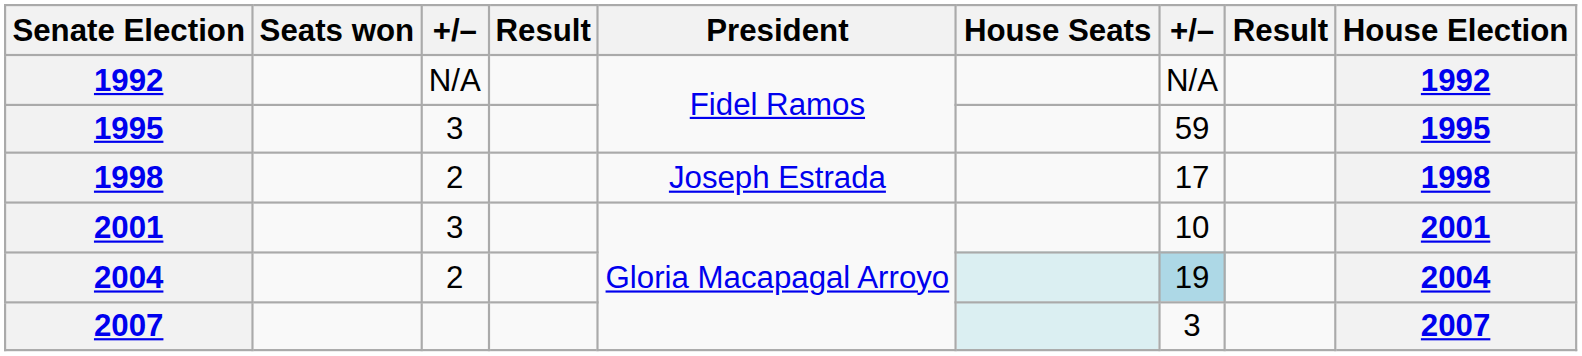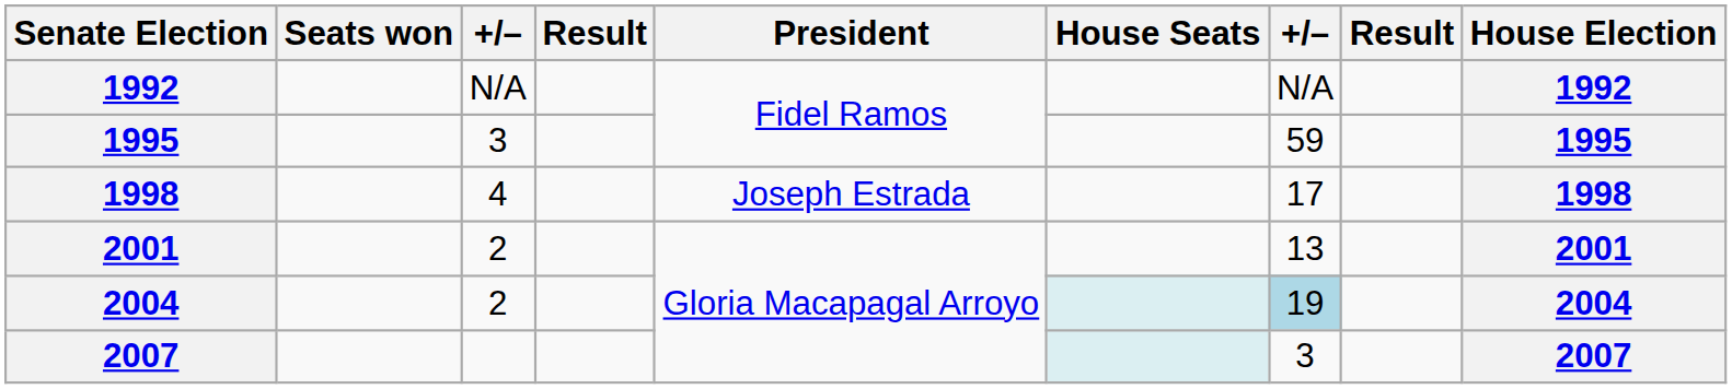 <table class="wikitable" style="text-align:center; font-size:90%">
 <tr>
 <th>Senate Election</th>
 <th>Seats won</th>
 <th>+/–</th>
 <th>Result</th>
 <th>President</th>
 <th>House Seats</th>
 <th>+/–</th>
 <th>Result</th>
 <th>House Election</th>
 </tr>
 <tr>
 <th><a href='#'>1992</a></th>
 <td></td>
 <td>N/A</td>
 <td></td>
 <td rowspan="2" style="background:"><a href='#'>Fidel Ramos</a></td>
 <td></td>
 <td>N/A</td>
 <td></td>
 <th><a href='#'>1992</a></th>
 </tr>
 <tr>
 <th><a href='#'>1995</a></th>
 <td></td>
 <td> 3</td>
 <td></td>
 <td></td>
 <td> 59</td>
 <td></td>
 <th><a href='#'>1995</a></th>
 </tr>
 <tr>
 <th><a href='#'>1998</a></th>
 <td></td>
-<td> 2</td>
+<td> 4</td>
 <td></td>
 <td style="background:"><a href='#'><span>Joseph Estrada</span></a></td>
 <td></td>
 <td> 17</td>
 <td></td>
 <th><a href='#'>1998</a></th>
 </tr>
 <tr>
 <th><a href='#'>2001</a></th>
 <td></td>
-<td> 3</td>
+<td> 2</td>
 <td></td>
 <td rowspan="3" style="background:"><a href='#'>Gloria Macapagal Arroyo</a></td>
 <td></td>
-<td> 10</td>
+<td> 13</td>
 <td></td>
 <th><a href='#'>2001</a></th>
 </tr>
 <tr>
 <th><a href='#'>2004</a></th>
 <td></td>
 <td> 2</td>
 <td></td>
 <td style="background:#dbeff2;"></td>
 <td style="background: lightblue;"> 19</td>
 <td></td>
 <th><a href='#'>2004</a></th>
 </tr>
 <tr>
 <th><a href='#'>2007</a></th>
 <td></td>
 <td></td>
 <td></td>
 <td style="background:#dbeff2;"></td>
 <td> 3</td>
 <td></td>
 <th><a href='#'>2007</a></th>
 </tr>
 </table>
